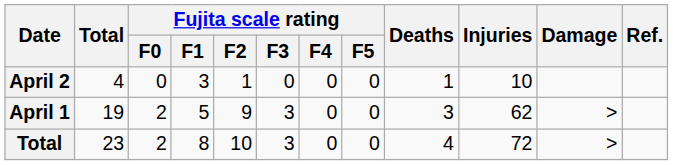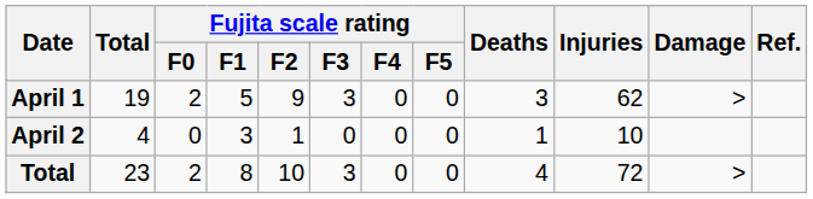 <table class="wikitable sortable" style="margin: 1em auto 1em auto;">
 <tr>
 <th scope="col" rowspan="2">Date</th>
 <th scope="col" rowspan="2" align="center">Total</th>
 <th scope="col" colspan="6" align="center"><a href='#'>Fujita scale</a> rating</th>
 <th scope="col" rowspan="2" align="center">Deaths</th>
 <th scope="col" rowspan="2" align="center">Injuries</th>
 <th scope="col" rowspan="2" align="center">Damage</th>
 <th scope="col" rowspan="2" align="center" class="unsortable">Ref.</th>
 </tr>
 <tr>
 <th scope="col" align="center"> F0 </th>
 <th scope="col" align="center"> F1 </th>
 <th scope="col" align="center"> F2 </th>
 <th scope="col" align="center"> F3 </th>
 <th scope="col" align="center"> F4 </th>
 <th scope="col" align="center"> F5 </th>
 </tr>
 <tr>
+<th scope="row">April 1</th>
+<td align="right">19</td>
+<td align="right">2</td>
+<td align="right">5</td>
+<td align="right">9</td>
+<td align="right">3</td>
+<td align="right">0</td>
+<td align="right">0</td>
+<td align="right">3</td>
+<td align="right">62</td>
+<td align="right">></td>
+<td></td>
+</tr>
+<tr>
 <th scope="row">April 2</th>
 <td align="right">4</td>
 <td align="right">0</td>
 <td align="right">3</td>
 <td align="right">1</td>
 <td align="right">0</td>
 <td align="right">0</td>
 <td align="right">0</td>
 <td align="right">1</td>
 <td align="right">10</td>
 <td></td>
-<td></td>
-</tr>
-<tr>
-<th scope="row">April 1</th>
-<td align="right">19</td>
-<td align="right">2</td>
-<td align="right">5</td>
-<td align="right">9</td>
-<td align="right">3</td>
-<td align="right">0</td>
-<td align="right">0</td>
-<td align="right">3</td>
-<td align="right">62</td>
-<td align="right">></td>
 <td></td>
 </tr>
 <tr class="sortbottom">
 <th scope="row">Total</th>
 <td align="right">23</td>
 <td align="right">2</td>
 <td align="right">8</td>
 <td align="right">10</td>
 <td align="right">3</td>
 <td align="right">0</td>
 <td align="right">0</td>
 <td align="right">4</td>
 <td align="right">72</td>
 <td align="right">></td>
 <td></td>
 </tr>
 </table>
